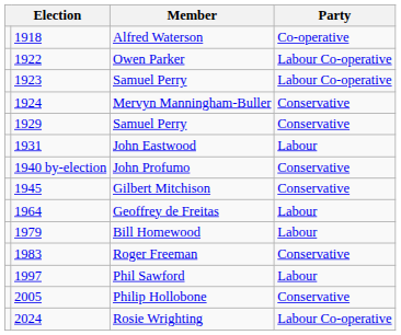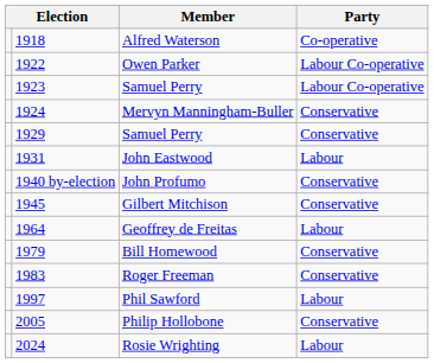 <table class="wikitable">
 <tr>
 <th colspan="2">Election</th>
 <th>Member</th>
 <th>Party</th>
 </tr>
 <tr>
 <td style="color:inherit;background-color: "></td>
 <td><a href='#'>1918</a></td>
 <td><a href='#'>Alfred Waterson</a></td>
 <td><a href='#'>Co-operative</a></td>
 </tr>
 <tr>
 <td style="color:inherit;background-color: "></td>
 <td><a href='#'>1922</a></td>
 <td><a href='#'>Owen Parker</a></td>
 <td><a href='#'>Labour Co-operative</a></td>
 </tr>
 <tr>
 <td style="color:inherit;background-color: "></td>
 <td><a href='#'>1923</a></td>
 <td><a href='#'>Samuel Perry</a></td>
 <td><a href='#'>Labour Co-operative</a></td>
 </tr>
 <tr>
 <td style="color:inherit;background-color: "></td>
 <td><a href='#'>1924</a></td>
 <td><a href='#'>Mervyn Manningham-Buller</a></td>
 <td><a href='#'>Conservative</a></td>
 </tr>
 <tr>
 <td style="color:inherit;background-color: "></td>
 <td><a href='#'>1929</a></td>
 <td><a href='#'>Samuel Perry</a></td>
 <td><a href='#'>Conservative</a></td>
 </tr>
 <tr>
 <td style="color:inherit;background-color: "></td>
 <td><a href='#'>1931</a></td>
 <td><a href='#'>John Eastwood</a></td>
 <td><a href='#'>Labour</a></td>
 </tr>
 <tr>
 <td style="color:inherit;background-color: "></td>
 <td><a href='#'>1940 by-election</a></td>
 <td><a href='#'>John Profumo</a></td>
 <td><a href='#'>Conservative</a></td>
 </tr>
 <tr>
 <td style="color:inherit;background-color: "></td>
 <td><a href='#'>1945</a></td>
 <td><a href='#'>Gilbert Mitchison</a></td>
 <td><a href='#'>Conservative</a></td>
 </tr>
 <tr>
 <td style="color:inherit;background-color: "></td>
 <td><a href='#'>1964</a></td>
 <td><a href='#'>Geoffrey de Freitas</a></td>
 <td><a href='#'>Labour</a></td>
 </tr>
 <tr>
 <td style="color:inherit;background-color: "></td>
 <td><a href='#'>1979</a></td>
 <td><a href='#'>Bill Homewood</a></td>
-<td><a href='#'>Labour</a></td>
+<td><a href='#'>Conservative</a></td>
 </tr>
 <tr>
 <td style="color:inherit;background-color: "></td>
 <td><a href='#'>1983</a></td>
 <td><a href='#'>Roger Freeman</a></td>
 <td><a href='#'>Conservative</a></td>
 </tr>
 <tr>
 <td style="color:inherit;background-color: "></td>
 <td><a href='#'>1997</a></td>
 <td><a href='#'>Phil Sawford</a></td>
 <td><a href='#'>Labour</a></td>
 </tr>
 <tr>
 <td style="color:inherit;background-color: "></td>
 <td><a href='#'>2005</a></td>
 <td><a href='#'>Philip Hollobone</a></td>
 <td><a href='#'>Conservative</a></td>
 </tr>
 <tr>
 <td style="color:inherit;background-color: "></td>
 <td><a href='#'>2024</a></td>
 <td><a href='#'>Rosie Wrighting</a></td>
-<td><a href='#'>Labour Co-operative</a></td>
+<td><a href='#'>Labour</a></td>
 </tr>
 </table>
